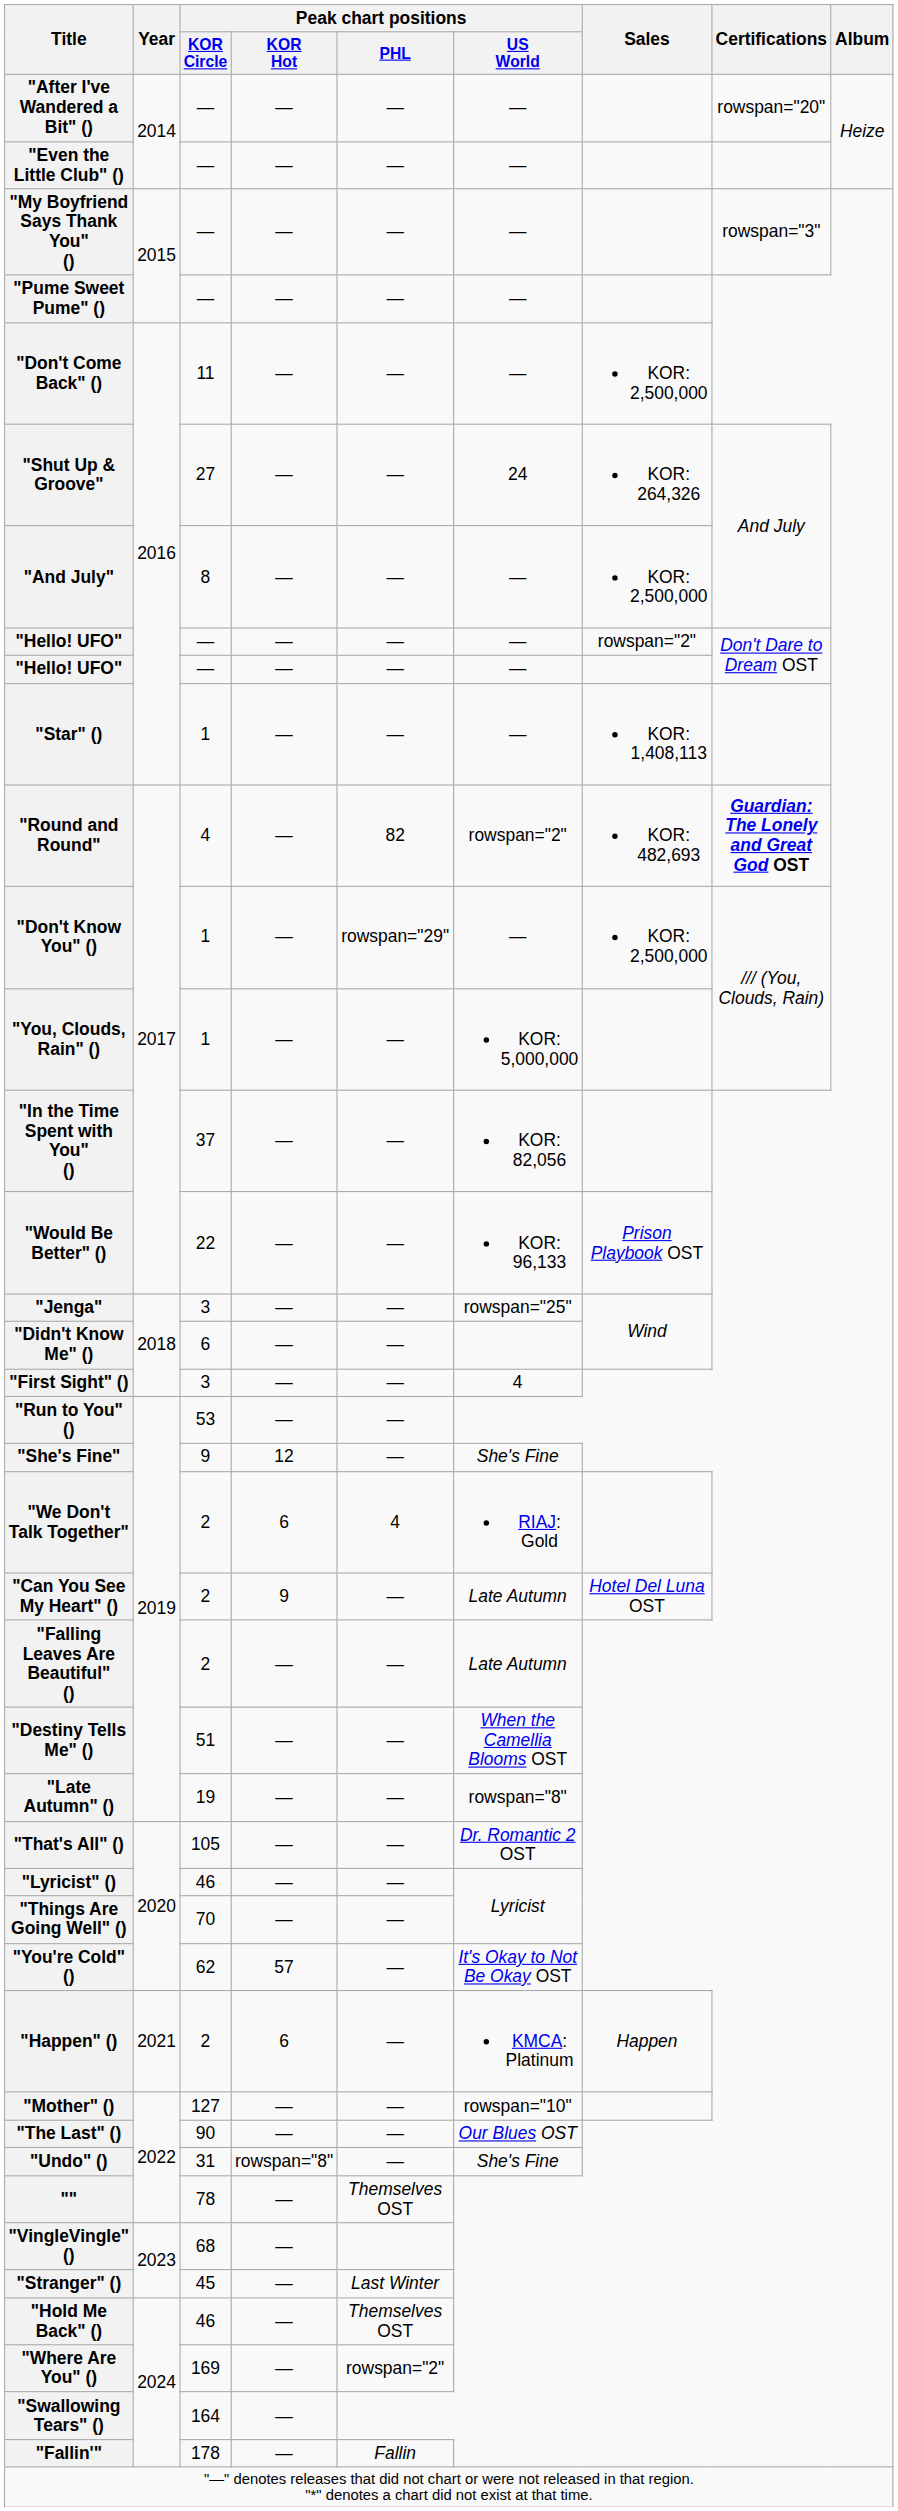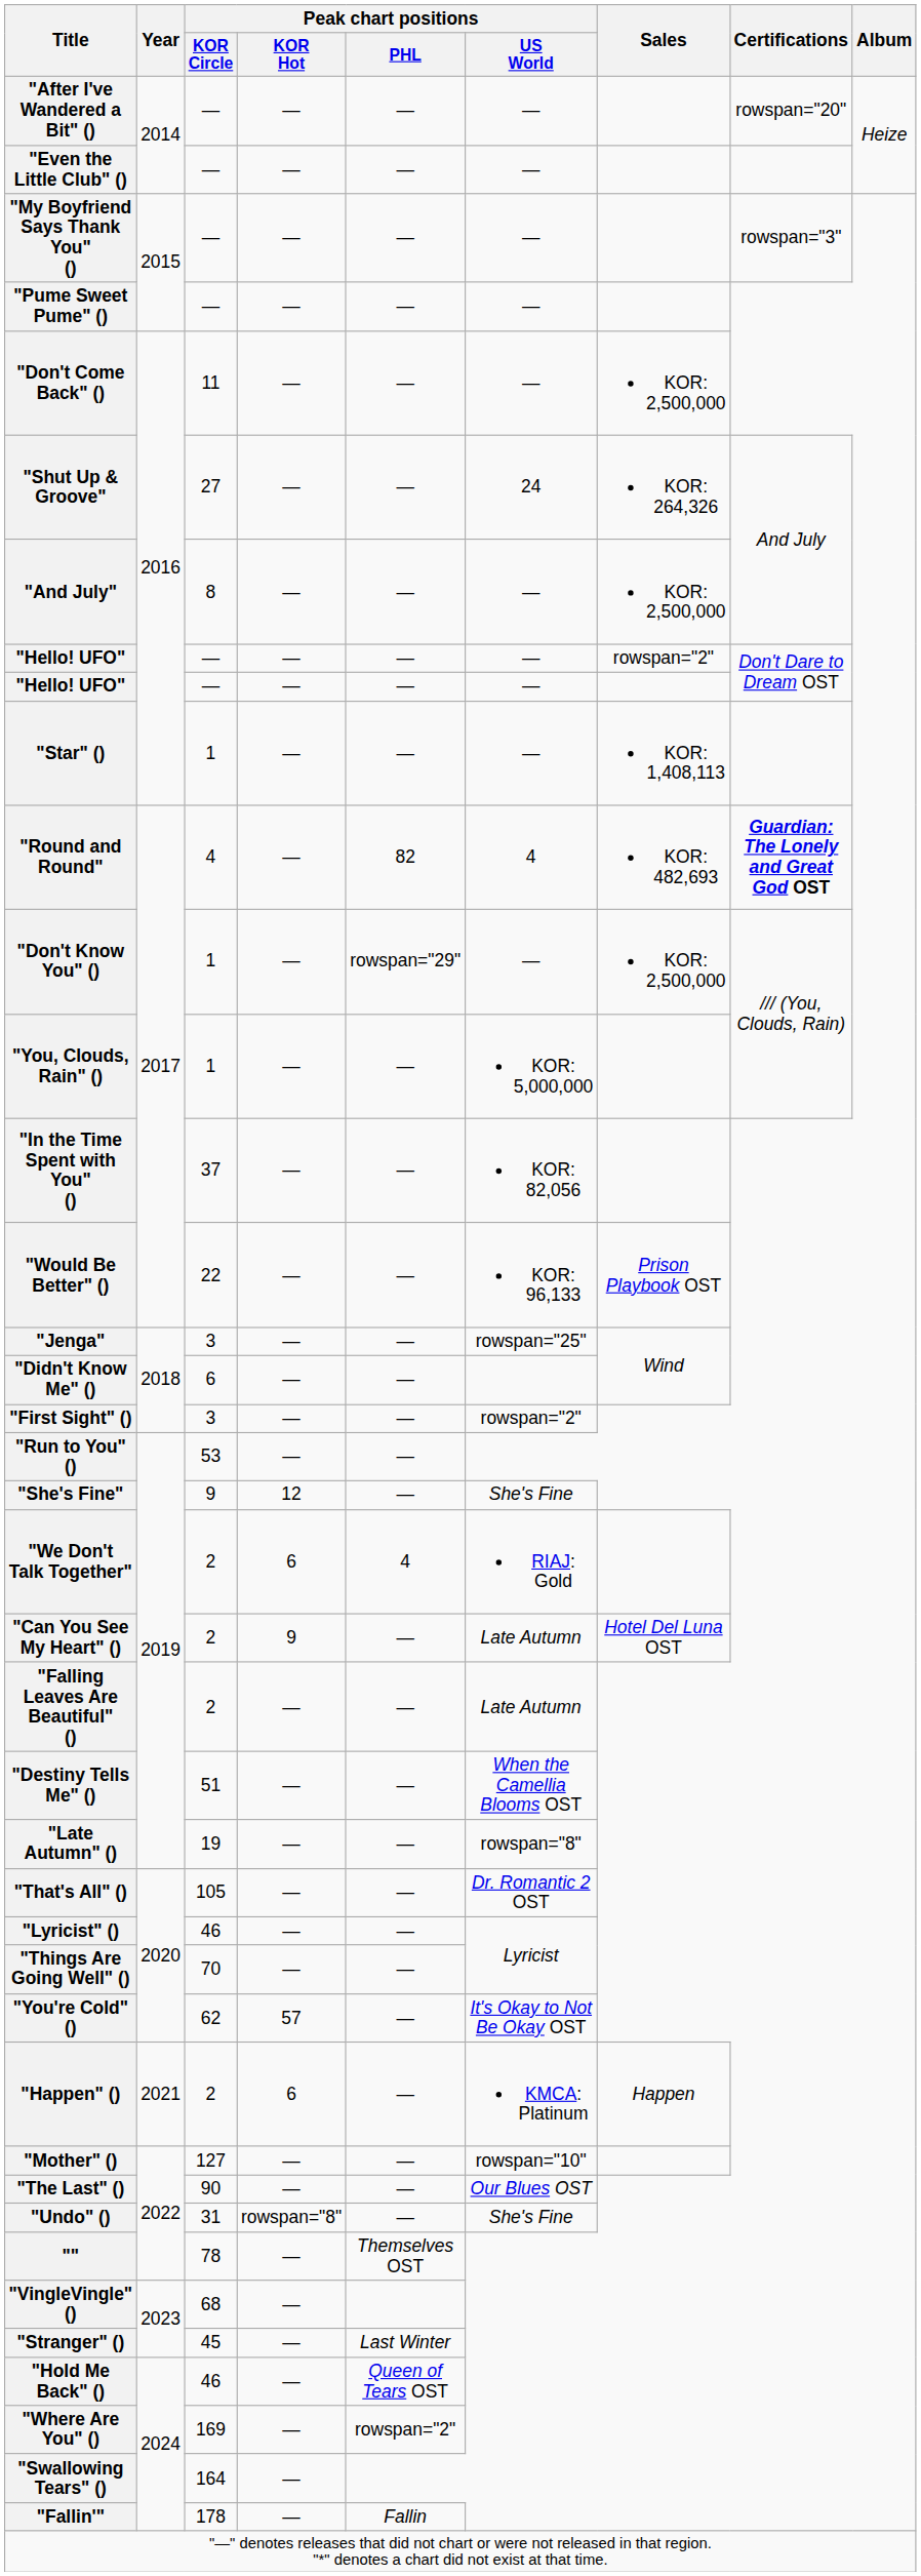 <table class="wikitable plainrowheaders" style="text-align:center;">
 <tr>
 <th scope="col" rowspan="2" style="width:17em;">Title</th>
 <th scope="col" rowspan="2">Year</th>
 <th scope="col" colspan="4">Peak chart positions</th>
 <th scope="col" rowspan="2" style="width:11em;">Sales</th>
 <th scope="col" rowspan="2">Certifications</th>
 <th scope="col" rowspan="2">Album</th>
 </tr>
 <tr>
 <th scope="col" style="width:2.6em;font-size:90%"><a href='#'>KOR<br>Circle</a><br></th>
 <th scope="col" style="width:2.6em;font-size:90%"><a href='#'>KOR<br>Hot</a><br></th>
 <th scope="col" style="width:2.6em;font-size:90%;"><a href='#'>PHL</a><br></th>
 <th scope="col" style="width:2.6em;font-size:90%;"><a href='#'>US<br>World</a><br></th>
 </tr>
 <tr>
 <th scope="row">"After I've Wandered a Bit" () </th>
 <td rowspan="2">2014</td>
 <td>—</td>
 <td>—</td>
 <td>—</td>
 <td>—</td>
 <td></td>
 <td>rowspan="20" </td>
 <td rowspan="2"><em>Heize</em></td>
 </tr>
 <tr>
 <th scope="row">"Even the Little Club" ()</th>
 <td>—</td>
 <td>—</td>
 <td>—</td>
 <td>—</td>
 <td></td>
 </tr>
 <tr>
 <th scope="row">"My Boyfriend Says Thank You"<br>()</th>
 <td rowspan="2">2015</td>
 <td>—</td>
 <td>—</td>
 <td>—</td>
 <td>—</td>
 <td></td>
 <td>rowspan="3" </td>
 </tr>
 <tr>
 <th scope="row">"Pume Sweet Pume" ()<br></th>
 <td>—</td>
 <td>—</td>
 <td>—</td>
 <td>—</td>
 <td></td>
 </tr>
 <tr>
 <th scope="row">"Don't Come Back" ()<br> </th>
 <td rowspan="6">2016</td>
 <td>11</td>
 <td>—</td>
 <td>—</td>
 <td>—</td>
 <td><br><ul><li>KOR: 2,500,000</li></ul></td>
 </tr>
 <tr>
 <th scope="row">"Shut Up & Groove" </th>
 <td>27</td>
 <td>—</td>
 <td>—</td>
 <td>24</td>
 <td><br><ul><li>KOR: 264,326</li></ul></td>
 <td rowspan="2"><em>And July</em></td>
 </tr>
 <tr>
 <th scope="row">"And July" </th>
 <td>8</td>
 <td>—</td>
 <td>—</td>
 <td>—</td>
 <td><br><ul><li>KOR: 2,500,000</li></ul></td>
 </tr>
 <tr>
 <th scope="row">"Hello! UFO" </th>
 <td>—</td>
 <td>—</td>
 <td>—</td>
 <td>—</td>
 <td>rowspan="2" </td>
 <td rowspan="2"><em><a href='#'>Don't Dare to Dream</a></em> OST</td>
 </tr>
 <tr>
 <th scope="row">"Hello! UFO" </th>
 <td>—</td>
 <td>—</td>
 <td>—</td>
 <td>—</td>
 </tr>
 <tr>
 <th scope="row">"Star" ()</th>
 <td>1</td>
 <td>—</td>
 <td>—</td>
 <td>—</td>
 <td><br><ul><li>KOR: 1,408,113</li></ul></td>
 <td></td>
 </tr>
 <tr>
 <th scope="row">"Round and Round" </th>
 <td rowspan="5">2017</td>
 <td>4</td>
 <td>—</td>
 <td>82</td>
-<td>rowspan="2" </td>
+<td>4</td>
 <td><br><ul><li>KOR: 482,693</li></ul></td>
 <td><strong><em><a href='#'>Guardian: The Lonely and Great God</a></em> OST</strong></td>
 </tr>
 <tr>
 <th scope="row">"Don't Know You" ()</th>
 <td>1</td>
 <td>—</td>
 <td>rowspan="29" </td>
 <td>—</td>
 <td><br><ul><li>KOR: 2,500,000</li></ul></td>
 <td rowspan="2"><em>/// (You, Clouds, Rain)</em></td>
 </tr>
 <tr>
 <th scope="row">"You, Clouds, Rain" ()<br></th>
 <td>1</td>
 <td>—</td>
 <td>—</td>
 <td><br><ul><li>KOR: 5,000,000</li></ul></td>
 </tr>
 <tr>
 <th scope="row">"In the Time Spent with You" <br> ()</th>
 <td>37</td>
 <td>—</td>
 <td>—</td>
 <td><br><ul><li>KOR: 82,056</li></ul></td>
 <td></td>
 </tr>
 <tr>
 <th scope="row">"Would Be Better" ()</th>
 <td>22</td>
 <td>—</td>
 <td>—</td>
 <td><br><ul><li>KOR: 96,133</li></ul></td>
 <td><em><a href='#'>Prison Playbook</a></em> OST</td>
 </tr>
 <tr>
 <th scope="row">"Jenga" </th>
 <td rowspan="3">2018</td>
 <td>3</td>
 <td>—</td>
 <td>—</td>
 <td>rowspan="25" </td>
 <td rowspan="2"><em>Wind</em></td>
 </tr>
 <tr>
 <th scope="row">"Didn't Know Me" ()</th>
 <td>6</td>
 <td>—</td>
 <td>—</td>
 </tr>
 <tr>
 <th scope="row">"First Sight" ()</th>
 <td>3</td>
 <td>—</td>
 <td>—</td>
-<td>4</td>
+<td>rowspan="2" </td>
 </tr>
 <tr>
 <th scope="row">"Run to You" ()</th>
 <td rowspan="7">2019</td>
 <td>53</td>
 <td>—</td>
 <td>—</td>
 </tr>
 <tr>
 <th scope="row">"She's Fine"</th>
 <td>9</td>
 <td>12</td>
 <td>—</td>
 <td><em>She's Fine</em></td>
 </tr>
 <tr>
 <th scope="row">"We Don't Talk Together" <br> </th>
 <td>2</td>
 <td>6</td>
 <td>4</td>
 <td><br><ul><li><a href='#'>RIAJ</a>: Gold </li></ul></td>
 <td></td>
 </tr>
 <tr>
 <th scope="row">"Can You See My Heart" ()</th>
 <td>2</td>
 <td>9</td>
 <td>—</td>
 <td><em>Late Autumn</em></td>
 <td><em><a href='#'>Hotel Del Luna</a></em> OST</td>
 </tr>
 <tr>
 <th scope="row">"Falling Leaves Are Beautiful"<br>()</th>
 <td>2</td>
 <td>—</td>
 <td>—</td>
 <td><em>Late Autumn</em></td>
 </tr>
 <tr>
 <th scope="row">"Destiny Tells Me" ()</th>
 <td>51</td>
 <td>—</td>
 <td>—</td>
 <td><em><a href='#'>When the Camellia Blooms</a></em> OST</td>
 </tr>
 <tr>
 <th scope="row">"Late Autumn" ()<br> </th>
 <td>19</td>
 <td>—</td>
 <td>—</td>
 <td>rowspan="8" </td>
 </tr>
 <tr>
 <th scope="row">"That's All" ()</th>
 <td rowspan="4">2020</td>
 <td>105</td>
 <td>—</td>
 <td>—</td>
 <td><em><a href='#'>Dr. Romantic 2</a></em> OST</td>
 </tr>
 <tr>
 <th scope="row">"Lyricist" ()</th>
 <td>46</td>
 <td>—</td>
 <td>—</td>
 <td rowspan="2"><em>Lyricist</em></td>
 </tr>
 <tr>
 <th scope="row">"Things Are Going Well" ()</th>
 <td>70</td>
 <td>—</td>
 <td>—</td>
 </tr>
 <tr>
 <th scope="row">"You're Cold" ()</th>
 <td>62</td>
 <td>57</td>
 <td>—</td>
 <td><em><a href='#'>It's Okay to Not Be Okay</a></em> OST</td>
 </tr>
 <tr>
 <th scope="row">"Happen" ()</th>
 <td>2021</td>
 <td>2</td>
 <td>6</td>
 <td>—</td>
 <td><br><ul><li><a href='#'>KMCA</a>: Platinum</li></ul></td>
 <td><em>Happen</em></td>
 </tr>
 <tr>
 <th scope="row">"Mother" ()</th>
 <td rowspan="4">2022</td>
 <td>127</td>
 <td>—</td>
 <td>—</td>
 <td>rowspan="10" </td>
 <td></td>
 </tr>
 <tr>
 <th scope="row">"The Last" ()</th>
 <td>90</td>
 <td>—</td>
 <td>—</td>
 <td><em><a href='#'>Our Blues</a> OST</em></td>
 </tr>
 <tr>
 <th scope="row">"Undo" ()</th>
 <td>31</td>
 <td>rowspan="8" </td>
 <td>—</td>
 <td><em>She's Fine</em></td>
 </tr>
 <tr>
 <th scope="row">""</th>
 <td>78</td>
 <td>—</td>
 <td><em>Themselves</em> OST</td>
 </tr>
 <tr>
 <th scope="row">"VingleVingle" ()<br></th>
 <td rowspan="2">2023</td>
 <td>68</td>
 <td>—</td>
 <td></td>
 </tr>
 <tr>
 <th scope="row">"Stranger" ()<br> </th>
 <td>45</td>
 <td>—</td>
 <td><em>Last Winter</em></td>
 </tr>
 <tr>
 <th scope="row">"Hold Me Back" ()</th>
 <td rowspan="4">2024</td>
 <td>46</td>
 <td>—</td>
-<td><em>Themselves</em> OST</td>
+<td><em><a href='#'>Queen of Tears</a></em> OST</td>
 </tr>
 <tr>
 <th scope="row">"Where Are You" ()</th>
 <td>169</td>
 <td>—</td>
 <td>rowspan="2" </td>
 </tr>
 <tr>
 <th scope="row">"Swallowing Tears" ()</th>
 <td>164</td>
 <td>—</td>
 </tr>
 <tr>
 <th scope="row">"Fallin'"</th>
 <td>178</td>
 <td>—</td>
 <td><em>Fallin</em></td>
 </tr>
 <tr>
 <td colspan="9" style="font-size:85%">"—" denotes releases that did not chart or were not released in that region.<br>"*" denotes a chart did not exist at that time.</td>
 </tr>
 </table>
